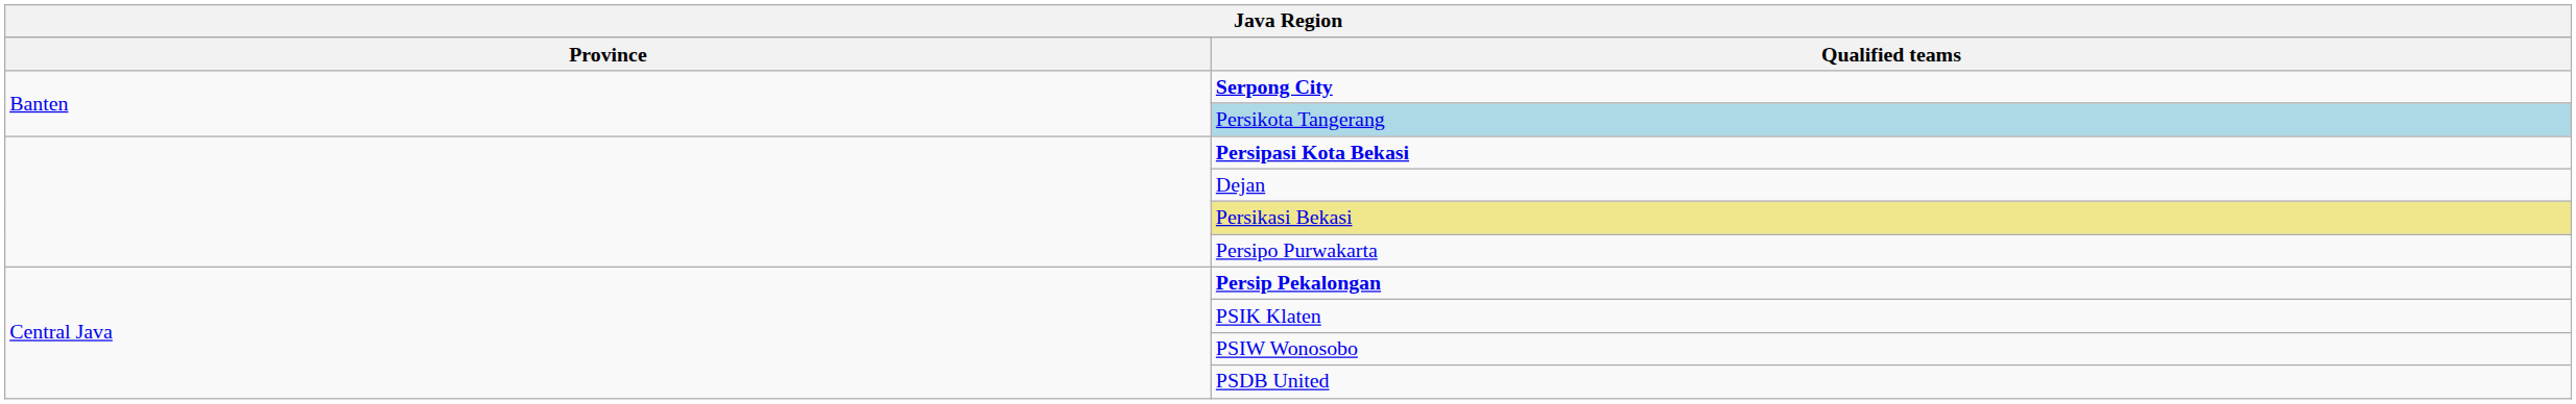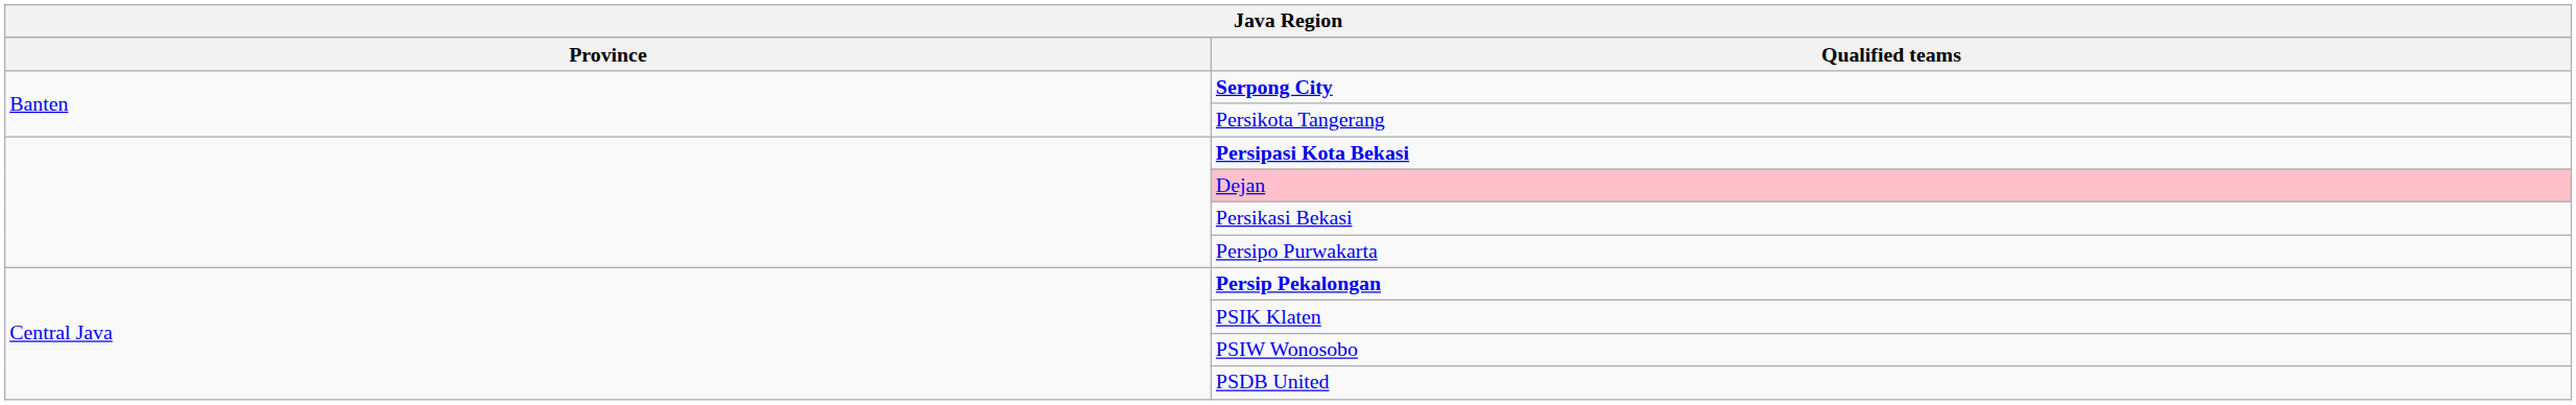 <table class="wikitable sortable" style="width:100%;">
 <tr>
 <th colspan="2"><strong>Java Region</strong></th>
 </tr>
 <tr>
 </tr>
 <tr>
 <th style="width:47%;">Province</th>
 <th style="width:53%;">Qualified teams</th>
 </tr>
 <tr>
 <td rowspan=2> <a href='#'>Banten</a></td>
 <td><strong><a href='#'>Serpong City</a></strong></td>
 </tr>
 <tr>
-<td style="background: lightblue;"><a href='#'>Persikota Tangerang</a></td>
+<td><a href='#'>Persikota Tangerang</a></td>
 </tr>
 <tr>
 <td rowspan=4> </td>
 <td><strong><a href='#'>Persipasi Kota Bekasi</a></strong></td>
 </tr>
 <tr>
-<td><a href='#'>Dejan</a></td>
+<td style="background: pink;"><a href='#'>Dejan</a></td>
 </tr>
 <tr>
-<td style="background: khaki;"><a href='#'>Persikasi Bekasi</a></td>
+<td><a href='#'>Persikasi Bekasi</a></td>
 </tr>
 <tr>
 <td><a href='#'>Persipo Purwakarta</a></td>
 </tr>
 <tr>
 <td rowspan="4"> <a href='#'>Central Java</a></td>
 <td><strong><a href='#'>Persip Pekalongan</a></strong></td>
 </tr>
 <tr>
 <td><a href='#'>PSIK Klaten</a></td>
 </tr>
 <tr>
 <td><a href='#'>PSIW Wonosobo</a></td>
 </tr>
 <tr>
 <td><a href='#'>PSDB United</a></td>
 </tr>
 </table>
